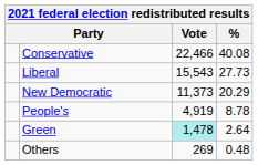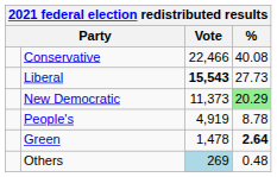 <table class="wikitable">
 <tr>
 <th colspan="4"><a href='#'>2021 federal election</a> redistributed results</th>
 </tr>
 <tr>
 <th bgcolor="#DDDDFF" width="130px" colspan="2">Party</th>
 <th bgcolor="#DDDDFF" width="50px">Vote</th>
 <th bgcolor="#DDDDFF" width="30px">%</th>
 </tr>
 <tr>
 <td> </td>
 <td><a href='#'>Conservative</a></td>
 <td align=right>22,466</td>
 <td align=right>40.08</td>
 </tr>
 <tr>
 <td> </td>
 <td><a href='#'>Liberal</a></td>
-<td align=right>15,543</td>
+<td align=right><strong>15,543</strong></td>
 <td align=right>27.73</td>
 </tr>
 <tr>
 <td> </td>
 <td><a href='#'>New Democratic</a></td>
 <td align=right>11,373</td>
-<td align=right>20.29</td>
+<td align=right style="background: lightgreen;">20.29</td>
 </tr>
 <tr>
 <td> </td>
 <td><a href='#'>People's</a></td>
 <td align=right>4,919</td>
 <td align=right>8.78</td>
 </tr>
 <tr>
 <td> </td>
 <td><a href='#'>Green</a></td>
-<td align=right style="background: paleturquoise;">1,478</td>
-<td align=right>2.64</td>
+<td align=right>1,478</td>
+<td align=right><strong>2.64</strong></td>
 </tr>
 <tr>
 <td> </td>
 <td>Others</td>
-<td align=right>269</td>
+<td align=right style="background: lightblue;">269</td>
 <td align=right>0.48</td>
 </tr>
 </table>
